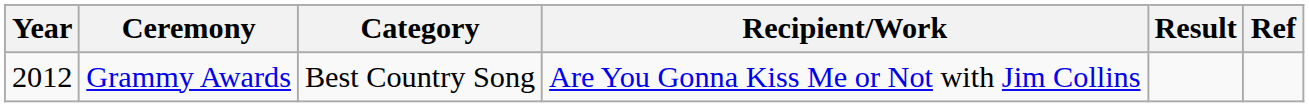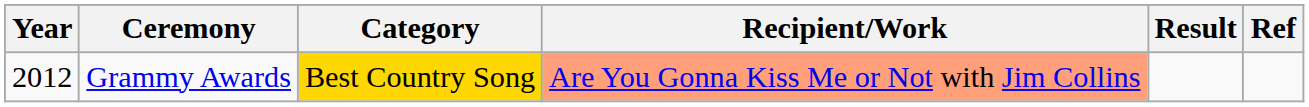 <table class="wikitable">
 <tr>
 <th>Year</th>
 <th>Ceremony</th>
 <th>Category</th>
 <th>Recipient/Work</th>
 <th>Result</th>
 <th>Ref</th>
 </tr>
 <tr>
 <td rowspan="2">2012</td>
 <td rowspan="2"><a href='#'>Grammy Awards</a></td>
-<td>Best Country Song</td>
-<td><a href='#'>Are You Gonna Kiss Me or Not</a> with <a href='#'>Jim Collins</a></td>
+<td style="background: gold;">Best Country Song</td>
+<td style="background: lightsalmon;"><a href='#'>Are You Gonna Kiss Me or Not</a> with <a href='#'>Jim Collins</a></td>
 <td></td>
 <td rowspan="2"></td>
 </tr>
 </table>
